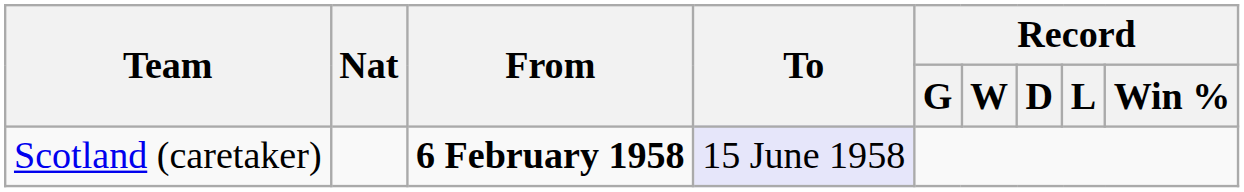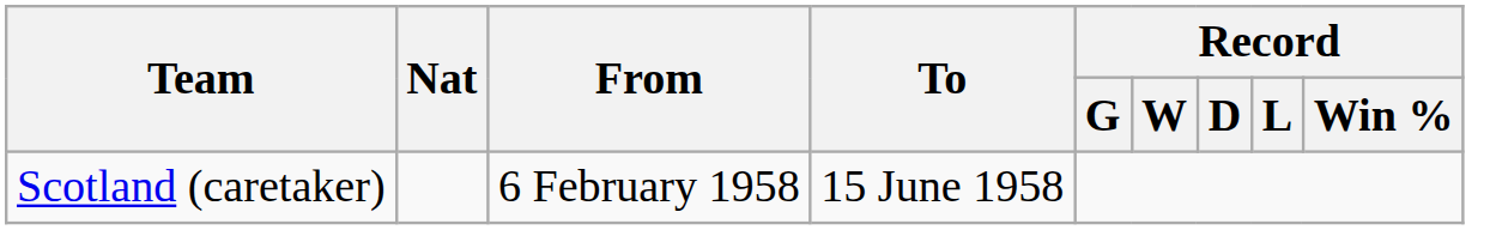 <table class="wikitable" style="text-align: center">
 <tr>
 <th rowspan="2">Team</th>
 <th rowspan="2">Nat</th>
 <th rowspan="2">From</th>
 <th rowspan="2">To</th>
 <th colspan="5">Record</th>
 </tr>
 <tr>
 <th>G</th>
 <th>W</th>
 <th>D</th>
 <th>L</th>
 <th>Win %</th>
 </tr>
 <tr>
 <td align=left><a href='#'>Scotland</a> (caretaker)</td>
 <td></td>
-<td align=left><strong>6 February 1958</strong></td>
-<td align=left style="background: lavender;">15 June 1958<br></td>
+<td align=left>6 February 1958</td>
+<td align=left>15 June 1958<br></td>
 </tr>
 </table>
